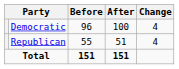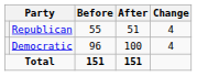 <table class="wikitable" style="text-align:center;">
 <tr>
 <th colspan="2">Party</th>
 <th>Before</th>
 <th>After</th>
 <th>Change</th>
 </tr>
 <tr>
 <th style="background-color:"></th>
-<td style="text-align:left;"><a href='#'>Democratic</a></td>
-<td>96</td>
-<td>100</td>
+<td style="text-align:left;"><a href='#'>Republican</a></td>
+<td>55</td>
+<td>51</td>
 <td> 4</td>
 </tr>
 <tr>
 <th style="background-color:"></th>
-<td style="text-align:left;"><a href='#'>Republican</a></td>
-<td>55</td>
-<td>51</td>
+<td style="text-align:left;"><a href='#'>Democratic</a></td>
+<td>96</td>
+<td>100</td>
 <td> 4</td>
 </tr>
 <tr>
 <td colspan="2"><strong>Total</strong></td>
 <td><strong>151</strong></td>
 <td><strong>151</strong></td>
 <td></td>
 </tr>
 </table>
